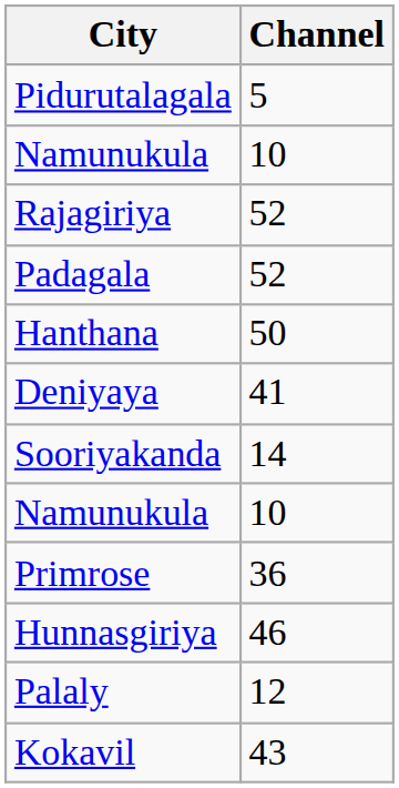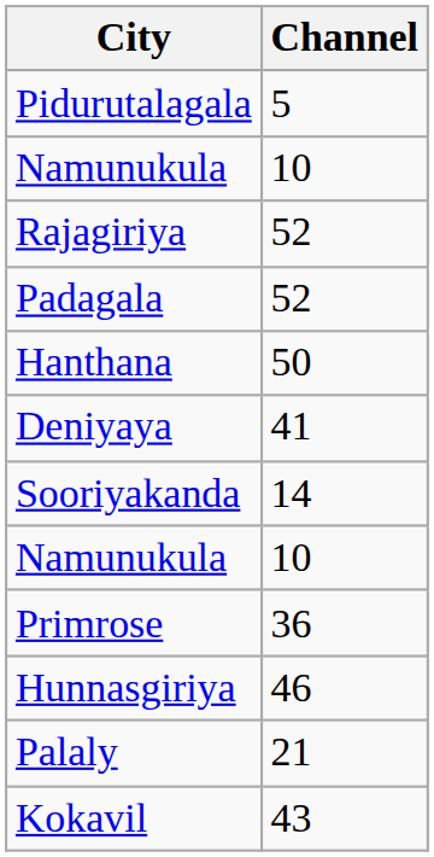 <table class="wikitable sortable">
 <tr>
 <th>City</th>
 <th>Channel</th>
 </tr>
 <tr>
 <td><a href='#'>Pidurutalagala</a></td>
 <td>5</td>
 </tr>
 <tr>
 <td><a href='#'>Namunukula</a></td>
 <td>10</td>
 </tr>
 <tr>
 <td><a href='#'>Rajagiriya</a></td>
 <td>52</td>
 </tr>
 <tr>
 <td><a href='#'>Padagala</a></td>
 <td>52</td>
 </tr>
 <tr>
 <td><a href='#'>Hanthana</a></td>
 <td>50</td>
 </tr>
 <tr>
 <td><a href='#'>Deniyaya</a></td>
 <td>41</td>
 </tr>
 <tr>
 <td><a href='#'>Sooriyakanda</a></td>
 <td>14</td>
 </tr>
 <tr>
 <td><a href='#'>Namunukula</a></td>
 <td>10</td>
 </tr>
 <tr>
 <td><a href='#'>Primrose</a></td>
 <td>36</td>
 </tr>
 <tr>
 <td><a href='#'>Hunnasgiriya</a></td>
 <td>46</td>
 </tr>
 <tr>
 <td><a href='#'>Palaly</a></td>
-<td>12</td>
+<td>21</td>
 </tr>
 <tr>
 <td><a href='#'>Kokavil</a></td>
 <td>43</td>
 </tr>
 </table>
